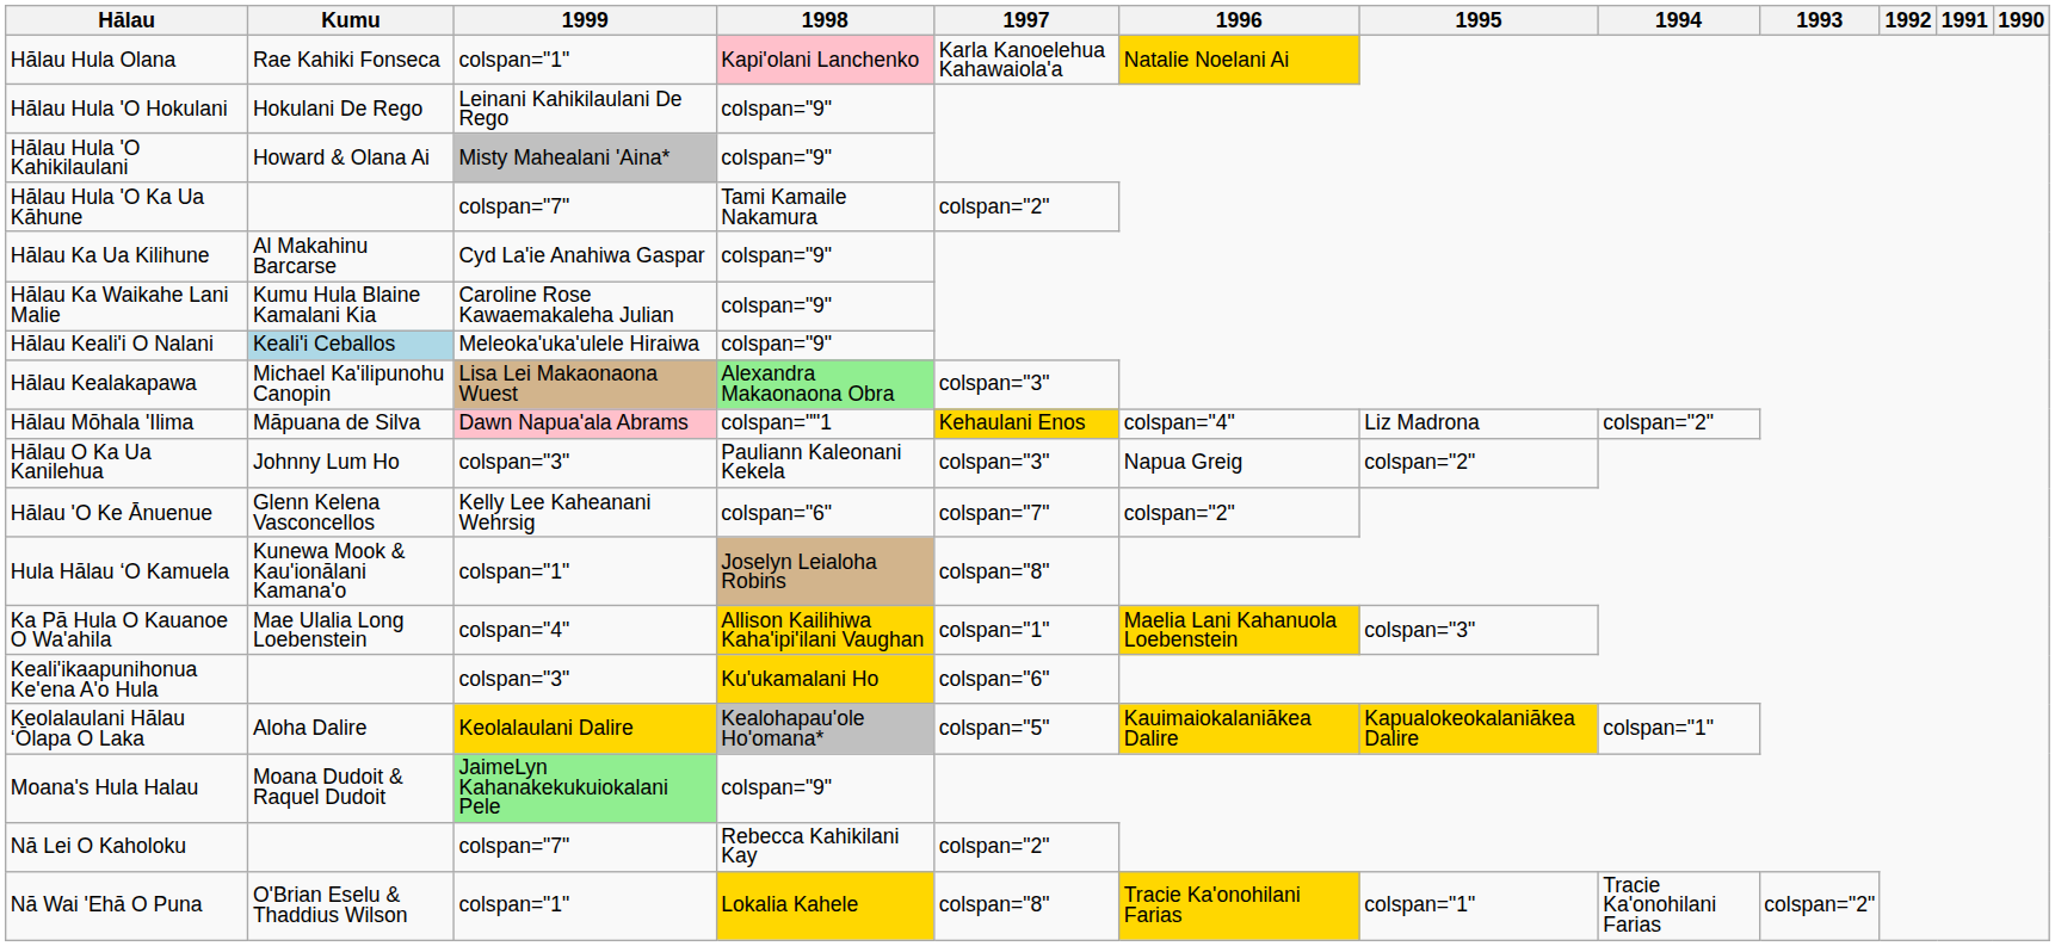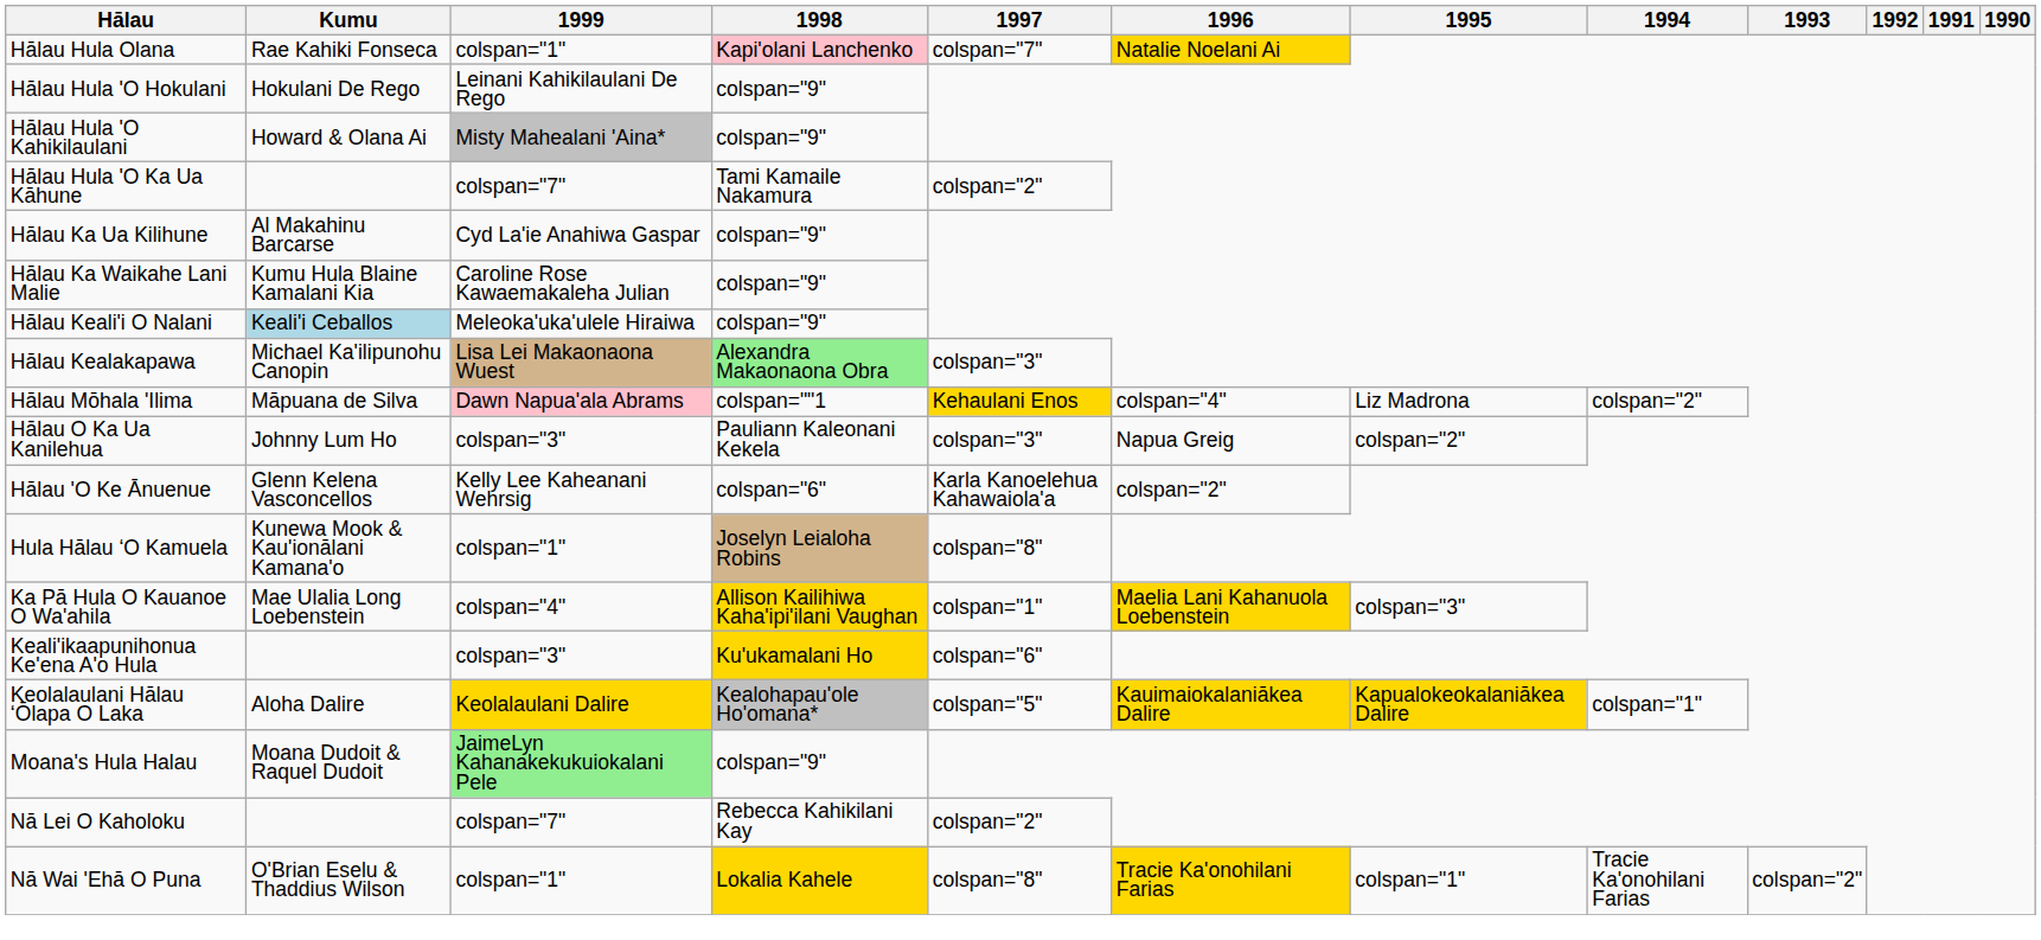 <table class="wikitable collapsible collapsed " style="margin:left; font-size:80%; line-height:12px;">
 <tr>
 <th>Hālau</th>
 <th>Kumu</th>
 <th>1999</th>
 <th>1998</th>
 <th>1997</th>
 <th>1996</th>
 <th>1995</th>
 <th>1994</th>
 <th>1993</th>
 <th>1992</th>
 <th>1991</th>
 <th>1990</th>
 </tr>
 <tr>
 <td>Hālau Hula Olana</td>
 <td>Rae Kahiki Fonseca</td>
 <td>colspan="1"</td>
 <td style="background:pink;">Kapi'olani Lanchenko</td>
-<td>Karla Kanoelehua Kahawaiola'a</td>
+<td>colspan="7"</td>
 <td style="background:gold;">Natalie Noelani Ai</td>
 </tr>
 <tr>
 <td>Hālau Hula 'O Hokulani</td>
 <td>Hokulani De Rego</td>
 <td>Leinani Kahikilaulani De Rego</td>
 <td>colspan="9"</td>
 </tr>
 <tr>
 <td>Hālau Hula 'O Kahikilaulani</td>
 <td>Howard & Olana Ai</td>
 <td style="background:silver;">Misty Mahealani 'Aina*</td>
 <td>colspan="9"</td>
 </tr>
 <tr>
 <td>Hālau Hula 'O Ka Ua Kāhune</td>
 <td></td>
 <td>colspan="7"</td>
 <td>Tami Kamaile Nakamura</td>
 <td>colspan="2"</td>
 </tr>
 <tr>
 <td>Hālau Ka Ua Kilihune</td>
 <td>Al Makahinu Barcarse</td>
 <td>Cyd La'ie Anahiwa Gaspar</td>
 <td>colspan="9"</td>
 </tr>
 <tr>
 <td>Hālau Ka Waikahe Lani Malie</td>
 <td>Kumu Hula Blaine Kamalani Kia</td>
 <td>Caroline Rose Kawaemakaleha Julian</td>
 <td>colspan="9"</td>
 </tr>
 <tr>
 <td>Hālau Keali'i O Nalani</td>
 <td style="background: lightblue;">Keali'i Ceballos</td>
 <td>Meleoka'uka'ulele Hiraiwa</td>
 <td>colspan="9"</td>
 </tr>
 <tr>
 <td>Hālau Kealakapawa</td>
 <td>Michael Ka'ilipunohu Canopin</td>
 <td style="background:tan;">Lisa Lei Makaonaona Wuest</td>
 <td style="background:lightgreen;">Alexandra Makaonaona Obra</td>
 <td>colspan="3"</td>
 </tr>
 <tr>
 <td>Hālau Mōhala 'Ilima</td>
 <td>Māpuana de Silva</td>
 <td style="background:pink;">Dawn Napua'ala Abrams</td>
 <td>colspan=""1</td>
 <td style="background:gold;">Kehaulani Enos</td>
 <td>colspan="4"</td>
 <td>Liz Madrona</td>
 <td>colspan="2"</td>
 </tr>
 <tr>
 <td>Hālau O Ka Ua Kanilehua</td>
 <td>Johnny Lum Ho</td>
 <td>colspan="3"</td>
 <td>Pauliann Kaleonani Kekela</td>
 <td>colspan="3"</td>
 <td>Napua Greig</td>
 <td>colspan="2"</td>
 </tr>
 <tr>
 <td>Hālau 'O Ke Ānuenue</td>
 <td>Glenn Kelena Vasconcellos</td>
 <td>Kelly Lee Kaheanani Wehrsig</td>
 <td>colspan="6"</td>
-<td>colspan="7"</td>
+<td>Karla Kanoelehua Kahawaiola'a</td>
 <td>colspan="2"</td>
 </tr>
 <tr>
 <td>Hula Hālau ‘O Kamuela</td>
 <td>Kunewa Mook & Kau'ionālani Kamana'o</td>
 <td>colspan="1"</td>
 <td style="background:tan;">Joselyn Leialoha Robins</td>
 <td>colspan="8"</td>
 </tr>
 <tr>
 <td>Ka Pā Hula O Kauanoe O Wa'ahila</td>
 <td>Mae Ulalia Long Loebenstein</td>
 <td>colspan="4"</td>
 <td style="background:gold;">Allison Kailihiwa Kaha'ipi'ilani Vaughan</td>
 <td>colspan="1"</td>
 <td style="background:gold;">Maelia Lani Kahanuola Loebenstein</td>
 <td>colspan="3"</td>
 </tr>
 <tr>
 <td>Keali'ikaapunihonua Ke'ena A'o Hula</td>
 <td></td>
 <td>colspan="3"</td>
 <td style="background:gold;">Ku'ukamalani Ho</td>
 <td>colspan="6"</td>
 </tr>
 <tr>
 <td>Keolalaulani Hālau ‘Ōlapa O Laka</td>
 <td>Aloha Dalire</td>
 <td style="background:gold;">Keolalaulani Dalire</td>
 <td style="background:silver;">Kealohapau'ole Ho'omana*</td>
 <td>colspan="5"</td>
 <td style="background:gold;">Kauimaiokalaniākea Dalire</td>
 <td style="background:gold;">Kapualokeokalaniākea Dalire</td>
 <td>colspan="1"</td>
 </tr>
 <tr>
 <td>Moana's Hula Halau</td>
 <td>Moana Dudoit & Raquel Dudoit</td>
 <td style="background:lightgreen;">JaimeLyn Kahanakekukuiokalani Pele</td>
 <td>colspan="9"</td>
 </tr>
 <tr>
 <td>Nā Lei O Kaholoku</td>
 <td></td>
 <td>colspan="7"</td>
 <td>Rebecca Kahikilani Kay</td>
 <td>colspan="2"</td>
 </tr>
 <tr>
 <td>Nā Wai 'Ehā O Puna</td>
 <td>O'Brian Eselu & Thaddius Wilson</td>
 <td>colspan="1"</td>
 <td style="background:gold;">Lokalia Kahele</td>
 <td>colspan="8"</td>
 <td style="background:gold;">Tracie Ka'onohilani Farias</td>
 <td>colspan="1"</td>
 <td>Tracie Ka'onohilani Farias</td>
 <td>colspan="2"</td>
 </tr>
 </table>
